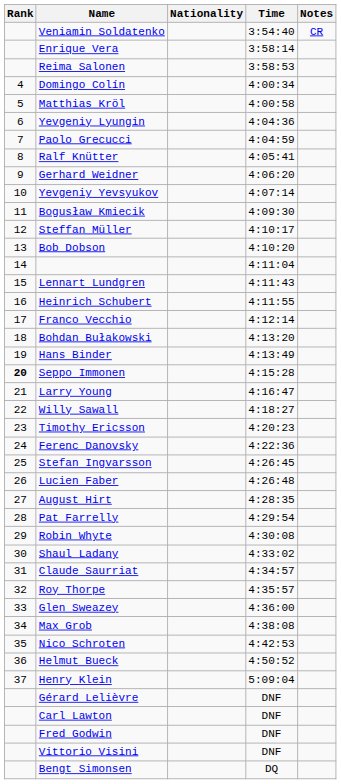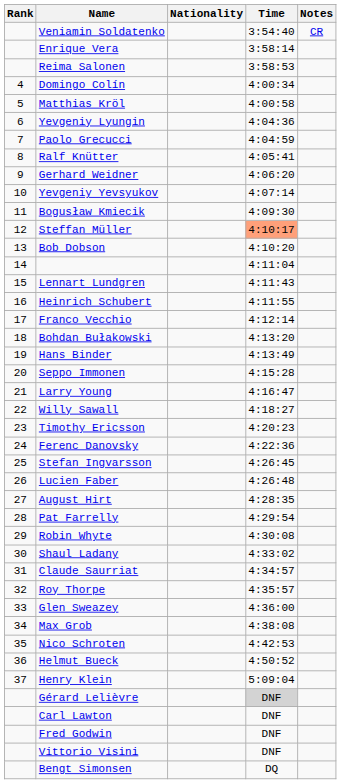 <table class="wikitable sortable" style="text-align:center">
 <tr>
 <th>Rank</th>
 <th>Name</th>
 <th>Nationality</th>
 <th>Time</th>
 <th>Notes</th>
 </tr>
 <tr>
 <td></td>
 <td align=left><a href='#'>Veniamin Soldatenko</a></td>
 <td align=left></td>
 <td>3:54:40</td>
 <td><a href='#'>CR</a></td>
 </tr>
 <tr>
 <td></td>
 <td align=left><a href='#'>Enrique Vera</a></td>
 <td align=left></td>
 <td>3:58:14</td>
 <td></td>
 </tr>
 <tr>
 <td></td>
 <td align=left><a href='#'>Reima Salonen</a></td>
 <td align=left></td>
 <td>3:58:53</td>
 <td></td>
 </tr>
 <tr>
 <td>4</td>
 <td align=left><a href='#'>Domingo Colín</a></td>
 <td align=left></td>
 <td>4:00:34</td>
 <td></td>
 </tr>
 <tr>
 <td>5</td>
 <td align=left><a href='#'>Matthias Kröl</a></td>
 <td align=left></td>
 <td>4:00:58</td>
 <td></td>
 </tr>
 <tr>
 <td>6</td>
 <td align=left><a href='#'>Yevgeniy Lyungin</a></td>
 <td align=left></td>
 <td>4:04:36</td>
 <td></td>
 </tr>
 <tr>
 <td>7</td>
 <td align=left><a href='#'>Paolo Grecucci</a></td>
 <td align=left></td>
 <td>4:04:59</td>
 <td></td>
 </tr>
 <tr>
 <td>8</td>
 <td align=left><a href='#'>Ralf Knütter</a></td>
 <td align=left></td>
 <td>4:05:41</td>
 <td></td>
 </tr>
 <tr>
 <td>9</td>
 <td align=left><a href='#'>Gerhard Weidner</a></td>
 <td align=left></td>
 <td>4:06:20</td>
 <td></td>
 </tr>
 <tr>
 <td>10</td>
 <td align=left><a href='#'>Yevgeniy Yevsyukov</a></td>
 <td align=left></td>
 <td>4:07:14</td>
 <td></td>
 </tr>
 <tr>
 <td>11</td>
 <td align=left><a href='#'>Bogusław Kmiecik</a></td>
 <td align=left></td>
 <td>4:09:30</td>
 <td></td>
 </tr>
 <tr>
 <td>12</td>
 <td align=left><a href='#'>Steffan Müller</a></td>
 <td align=left></td>
-<td>4:10:17</td>
+<td style="background: lightsalmon;">4:10:17</td>
 <td></td>
 </tr>
 <tr>
 <td>13</td>
 <td align=left><a href='#'>Bob Dobson</a></td>
 <td align=left></td>
 <td>4:10:20</td>
 <td></td>
 </tr>
 <tr>
 <td>14</td>
 <td align=left></td>
 <td align=left></td>
 <td>4:11:04</td>
 <td></td>
 </tr>
 <tr>
 <td>15</td>
 <td align=left><a href='#'>Lennart Lundgren</a></td>
 <td align=left></td>
 <td>4:11:43</td>
 <td></td>
 </tr>
 <tr>
 <td>16</td>
 <td align=left><a href='#'>Heinrich Schubert</a></td>
 <td align=left></td>
 <td>4:11:55</td>
 <td></td>
 </tr>
 <tr>
 <td>17</td>
 <td align=left><a href='#'>Franco Vecchio</a></td>
 <td align=left></td>
 <td>4:12:14</td>
 <td></td>
 </tr>
 <tr>
 <td>18</td>
 <td align=left><a href='#'>Bohdan Bułakowski</a></td>
 <td align=left></td>
 <td>4:13:20</td>
 <td></td>
 </tr>
 <tr>
 <td>19</td>
 <td align=left><a href='#'>Hans Binder</a></td>
 <td align=left></td>
 <td>4:13:49</td>
 <td></td>
 </tr>
 <tr>
-<td><strong>20</strong></td>
+<td>20</td>
 <td align=left><a href='#'>Seppo Immonen</a></td>
 <td align=left></td>
 <td>4:15:28</td>
 <td></td>
 </tr>
 <tr>
 <td>21</td>
 <td align=left><a href='#'>Larry Young</a></td>
 <td align=left></td>
 <td>4:16:47</td>
 <td></td>
 </tr>
 <tr>
 <td>22</td>
 <td align=left><a href='#'>Willy Sawall</a></td>
 <td align=left></td>
 <td>4:18:27</td>
 <td></td>
 </tr>
 <tr>
 <td>23</td>
 <td align=left><a href='#'>Timothy Ericsson</a></td>
 <td align=left></td>
 <td>4:20:23</td>
 <td></td>
 </tr>
 <tr>
 <td>24</td>
 <td align=left><a href='#'>Ferenc Danovsky</a></td>
 <td align=left></td>
 <td>4:22:36</td>
 <td></td>
 </tr>
 <tr>
 <td>25</td>
 <td align=left><a href='#'>Stefan Ingvarsson</a></td>
 <td align=left></td>
 <td>4:26:45</td>
 <td></td>
 </tr>
 <tr>
 <td>26</td>
 <td align=left><a href='#'>Lucien Faber</a></td>
 <td align=left></td>
 <td>4:26:48</td>
 <td></td>
 </tr>
 <tr>
 <td>27</td>
 <td align=left><a href='#'>August Hirt</a></td>
 <td align=left></td>
 <td>4:28:35</td>
 <td></td>
 </tr>
 <tr>
 <td>28</td>
 <td align=left><a href='#'>Pat Farrelly</a></td>
 <td align=left></td>
 <td>4:29:54</td>
 <td></td>
 </tr>
 <tr>
 <td>29</td>
 <td align=left><a href='#'>Robin Whyte</a></td>
 <td align=left></td>
 <td>4:30:08</td>
 <td></td>
 </tr>
 <tr>
 <td>30</td>
 <td align=left><a href='#'>Shaul Ladany</a></td>
 <td align=left></td>
 <td>4:33:02</td>
 <td></td>
 </tr>
 <tr>
 <td>31</td>
 <td align=left><a href='#'>Claude Saurriat</a></td>
 <td align=left></td>
 <td>4:34:57</td>
 <td></td>
 </tr>
 <tr>
 <td>32</td>
 <td align=left><a href='#'>Roy Thorpe</a></td>
 <td align=left></td>
 <td>4:35:57</td>
 <td></td>
 </tr>
 <tr>
 <td>33</td>
 <td align=left><a href='#'>Glen Sweazey</a></td>
 <td align=left></td>
 <td>4:36:00</td>
 <td></td>
 </tr>
 <tr>
 <td>34</td>
 <td align=left><a href='#'>Max Grob</a></td>
 <td align=left></td>
 <td>4:38:08</td>
 <td></td>
 </tr>
 <tr>
 <td>35</td>
 <td align=left><a href='#'>Nico Schroten</a></td>
 <td align=left></td>
 <td>4:42:53</td>
 <td></td>
 </tr>
 <tr>
 <td>36</td>
 <td align=left><a href='#'>Helmut Bueck</a></td>
 <td align=left></td>
 <td>4:50:52</td>
 <td></td>
 </tr>
 <tr>
 <td>37</td>
 <td align=left><a href='#'>Henry Klein</a></td>
 <td align=left></td>
 <td>5:09:04</td>
 <td></td>
 </tr>
 <tr>
 <td></td>
 <td align=left><a href='#'>Gérard Lelièvre</a></td>
 <td align=left></td>
-<td>DNF</td>
+<td style="background: lightgrey;">DNF</td>
 <td></td>
 </tr>
 <tr>
 <td></td>
 <td align=left><a href='#'>Carl Lawton</a></td>
 <td align=left></td>
 <td>DNF</td>
 <td></td>
 </tr>
 <tr>
 <td></td>
 <td align=left><a href='#'>Fred Godwin</a></td>
 <td align=left></td>
 <td>DNF</td>
 <td></td>
 </tr>
 <tr>
 <td></td>
 <td align=left><a href='#'>Vittorio Visini</a></td>
 <td align=left></td>
 <td>DNF</td>
 <td></td>
 </tr>
 <tr>
 <td></td>
 <td align=left><a href='#'>Bengt Simonsen</a></td>
 <td align=left></td>
 <td>DQ</td>
 <td></td>
 </tr>
 </table>
